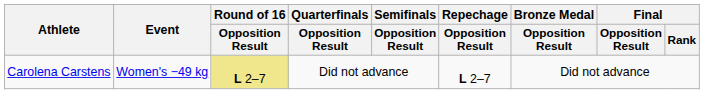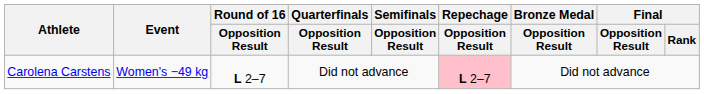 <table class="wikitable" style="font-size:90%">
 <tr>
 <th rowspan="2">Athlete</th>
 <th rowspan="2">Event</th>
 <th>Round of 16</th>
 <th>Quarterfinals</th>
 <th>Semifinals</th>
 <th>Repechage</th>
 <th>Bronze Medal</th>
 <th colspan=2>Final</th>
 </tr>
 <tr style="font-size:95%">
 <th>Opposition<br>Result</th>
 <th>Opposition<br>Result</th>
 <th>Opposition<br>Result</th>
 <th>Opposition<br>Result</th>
 <th>Opposition<br>Result</th>
 <th>Opposition<br>Result</th>
 <th>Rank</th>
 </tr>
 <tr align=center>
 <td align=left><a href='#'>Carolena Carstens</a></td>
 <td align=left><a href='#'>Women's −49 kg</a></td>
-<td style="background: khaki;"><br><strong>L</strong> 2–7</td>
+<td><br><strong>L</strong> 2–7</td>
 <td colspan=2>Did not advance</td>
-<td><br><strong>L</strong> 2–7</td>
+<td style="background: pink;"><br><strong>L</strong> 2–7</td>
 <td colspan=3>Did not advance</td>
 </tr>
 </table>
